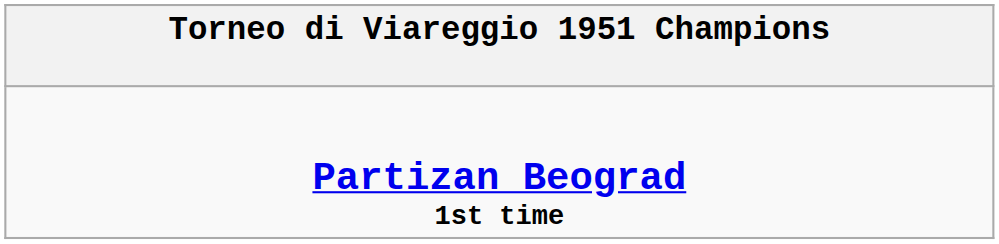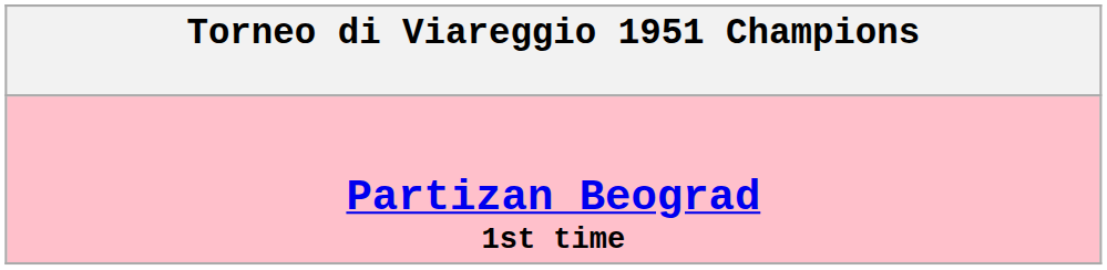 <table class="wikitable" style="margin: 0 auto; width: 30%;">
 <tr>
 <th><big>Torneo di Viareggio 1951 Champions</big><br><br></th>
 </tr>
 <tr>
-<td align=center><br><br><big><big><strong><a href='#'>Partizan Beograd</a></strong><br></big></big><strong>1st time</strong></td>
+<td align=center style="background: pink;"><br><br><big><big><strong><a href='#'>Partizan Beograd</a></strong><br></big></big><strong>1st time</strong></td>
 </tr>
 </table>
